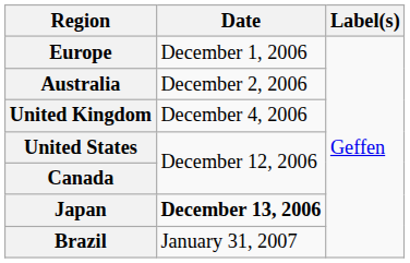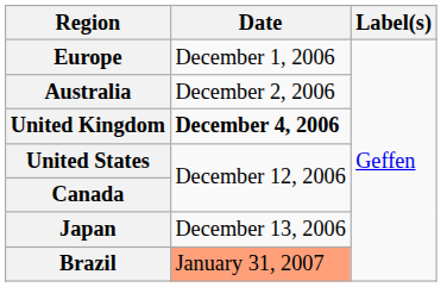 <table class="wikitable plainrowheaders">
 <tr>
 <th>Region</th>
 <th>Date</th>
 <th>Label(s)</th>
 </tr>
 <tr>
 <th scope="row">Europe</th>
 <td>December 1, 2006</td>
 <td rowspan="7"><a href='#'>Geffen</a></td>
 </tr>
 <tr>
 <th scope="row">Australia</th>
 <td>December 2, 2006</td>
 </tr>
 <tr>
 <th scope="row">United Kingdom</th>
-<td>December 4, 2006</td>
+<td><strong>December 4, 2006</strong></td>
 </tr>
 <tr>
 <th scope="row">United States</th>
 <td rowspan="2">December 12, 2006</td>
 </tr>
 <tr>
 <th scope="row">Canada</th>
 </tr>
 <tr>
 <th scope="row">Japan</th>
-<td><strong>December 13, 2006</strong></td>
+<td>December 13, 2006</td>
 </tr>
 <tr>
 <th scope="row">Brazil</th>
-<td>January 31, 2007</td>
+<td style="background: lightsalmon;">January 31, 2007</td>
 </tr>
 </table>
